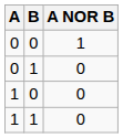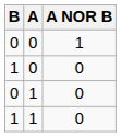 <table class="wikitable"N-type metal–oxide–semiconductor logic uses n-type field-effect transistors (MOSFETs) to implement logic gates and other digital circuits. These nMOS transistors operate by creating an inversion layer in a p-type transistor body. This inversion layer, called the n-channel, can conduct electrons between n-type "source" and "drain" terminals. The n-channel is created by applying voltage to the third terminal, called the gate. Like other MOSFETs, nMOS transistors have four modes of operation: cut-off (or subthreshold), triode, saturation (sometimes called active), and velocity saturation.>
 <tr>
+<th>B</th>
 <th>A</th>
-<th>B</th>
 <th>A NOR B</th>
 </tr>
 <tr align=center>
 <td>0</td>
 <td>0</td>
 <td>1</td>
 </tr>
 <tr align=center>
+<td>1</td>
 <td>0</td>
-<td>1</td>
 <td>0</td>
 </tr>
 <tr align=center>
+<td>0</td>
 <td>1</td>
-<td>0</td>
 <td>0</td>
 </tr>
 <tr align=center>
 <td>1</td>
 <td>1</td>
 <td>0</td>
 </tr>
 </table>
